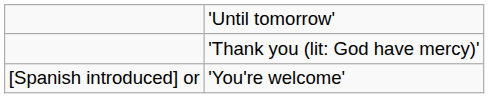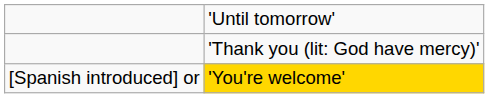 <table class="wikitable">
 <tr>
 <td></td>
 <td>'Until tomorrow'</td>
 </tr>
 <tr>
 <td></td>
 <td>'Thank you (lit: God have mercy)'</td>
 </tr>
 <tr>
 <td> [Spanish introduced] or </td>
-<td>'You're welcome'</td>
+<td style="background: gold;">'You're welcome'</td>
 </tr>
 </table>
